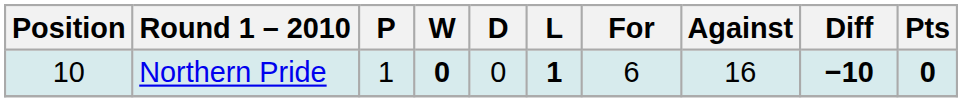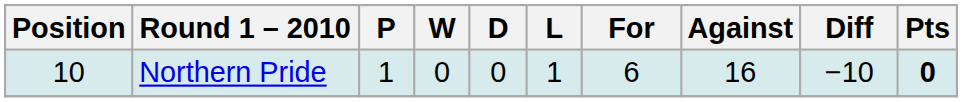 <table class="wikitable" style="text-align:center; font-size:85%;">
 <tr>
 <th width=40 abbr="Position">Position</th>
 <th width=100>Round 1 – 2010</th>
 <th width=20 abbr="Played">P</th>
 <th width=20 abbr="Won">W</th>
 <th width=20 abbr="Drawn">D</th>
 <th width=20 abbr="Lost">L</th>
 <th width=40 abbr="Points for">For</th>
 <th width=40 abbr="Points against">Against</th>
 <th width=40 abbr="Points difference">Diff</th>
 <th width=20 abbr="Points">Pts</th>
 </tr>
 <tr style="background: #d7ebed;">
 <td>10</td>
 <td style="text-align:left;"> <a href='#'>Northern Pride</a></td>
 <td>1</td>
-<td><strong>0</strong></td>
 <td>0</td>
-<td><strong>1</strong></td>
+<td>0</td>
+<td>1</td>
 <td>6</td>
 <td>16</td>
-<td><strong>−10</strong></td>
+<td>−10</td>
 <td><strong>0</strong></td>
 </tr>
 <tr>
 </tr>
 </table>
